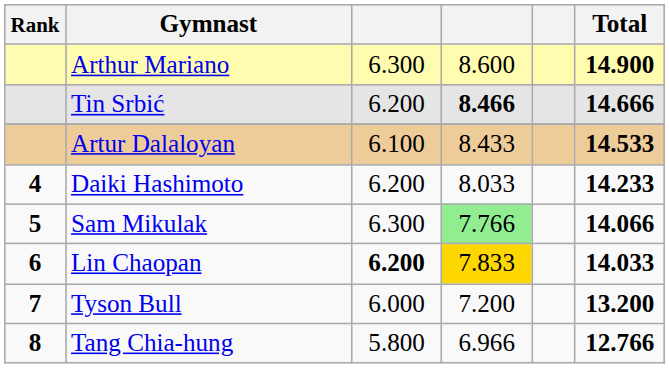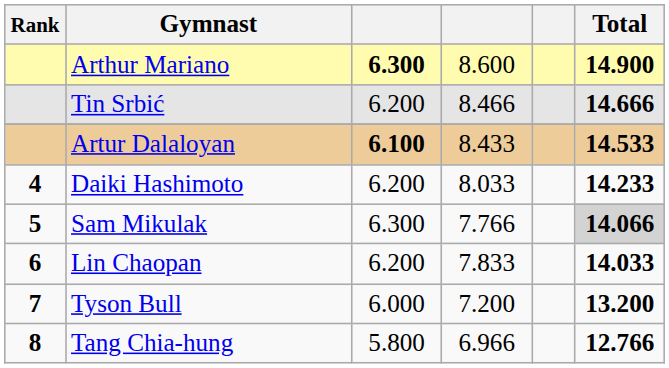 <table style="text-align:center;" class="wikitable sortable">
 <tr>
 <th scope="col" style="width:15px;"><small>Rank</small></th>
 <th scope="col" style="width:175px;">Gymnast</th>
 <th scope="col" style="width:50px;"><small></small></th>
 <th scope="col" style="width:50px;"><small></small></th>
 <th scope="col" style="width:20px;"><small></small></th>
 <th scope="col" style="width:50px;">Total</th>
 </tr>
 <tr style="background:#fffcaf;">
 <td scope="row" style="text-align:center"><strong></strong></td>
 <td style="text-align:left;"> <a href='#'>Arthur Mariano</a></td>
-<td>6.300</td>
+<td><strong>6.300</strong></td>
 <td>8.600</td>
 <td></td>
 <td><strong>14.900</strong></td>
 </tr>
 <tr style="background:#e5e5e5;">
 <td scope="row" style="text-align:center"><strong></strong></td>
 <td style="text-align:left;"> <a href='#'>Tin Srbić</a></td>
 <td>6.200</td>
-<td><strong>8.466</strong></td>
+<td>8.466</td>
 <td></td>
 <td><strong>14.666</strong></td>
 </tr>
 <tr>
 </tr>
 <tr style="background:#ec9;">
 <td scope="row" style="text-align:center"><strong></strong></td>
 <td style="text-align:left;"> <a href='#'>Artur Dalaloyan</a></td>
-<td>6.100</td>
+<td><strong>6.100</strong></td>
 <td>8.433</td>
 <td></td>
 <td><strong>14.533</strong></td>
 </tr>
 <tr>
 <td scope="row" style="text-align:center"><strong>4</strong></td>
 <td style="text-align:left;"> <a href='#'>Daiki Hashimoto</a></td>
 <td>6.200</td>
 <td>8.033</td>
 <td></td>
 <td><strong>14.233</strong></td>
 </tr>
 <tr>
 <td scope="row" style="text-align:center"><strong>5</strong></td>
 <td style="text-align:left;"> <a href='#'>Sam Mikulak</a></td>
 <td>6.300</td>
-<td style="background: lightgreen;">7.766</td>
+<td>7.766</td>
 <td></td>
-<td><strong>14.066</strong></td>
+<td style="background: lightgrey;"><strong>14.066</strong></td>
 </tr>
 <tr>
 <td scope="row" style="text-align:center"><strong>6</strong></td>
 <td style="text-align:left;"> <a href='#'>Lin Chaopan</a></td>
-<td><strong>6.200</strong></td>
-<td style="background: gold;">7.833</td>
+<td>6.200</td>
+<td>7.833</td>
 <td></td>
 <td><strong>14.033</strong></td>
 </tr>
 <tr>
 <td scope="row" style="text-align:center"><strong>7</strong></td>
 <td style="text-align:left;"> <a href='#'>Tyson Bull</a></td>
 <td>6.000</td>
 <td>7.200</td>
 <td></td>
 <td><strong>13.200</strong></td>
 </tr>
 <tr>
 <td scope="row" style="text-align:center"><strong>8</strong></td>
 <td style="text-align:left;"> <a href='#'>Tang Chia-hung</a></td>
 <td>5.800</td>
 <td>6.966</td>
 <td></td>
 <td><strong>12.766</strong></td>
 </tr>
 </table>
